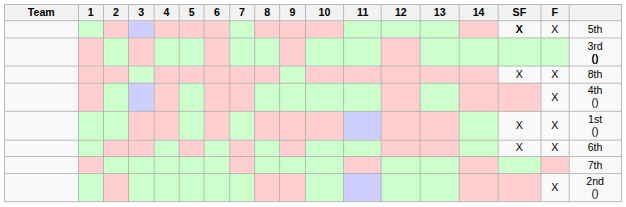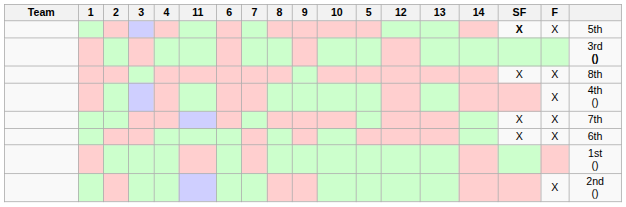 <table class= "wikitable" style="font-size:85%; text-align:center; width:50%">
 <tr>
 <th>Team</th>
 <th>1</th>
 <th>2</th>
 <th>3</th>
 <th>4</th>
-<th>5</th>
+<th>11</th>
 <th>6</th>
 <th>7</th>
 <th>8</th>
 <th>9</th>
 <th>10</th>
-<th>11</th>
+<th>5</th>
 <th>12</th>
 <th>13</th>
 <th>14</th>
 <th>SF</th>
 <th>F</th>
 <th></th>
 </tr>
 <tr>
 <td align="left"></td>
 <td style="background:#cfc;"><strong></strong></td>
 <td style="background:#FFCFCF;"></td>
 <td style="background:#CFCFFF;"><em></em></td>
 <td style="background:#FFCFCF;"></td>
-<td style="background:#FFCFCF;"></td>
+<td style="background:#cfc;"><strong></strong></td>
 <td style="background:#FFCFCF;"></td>
 <td style="background:#cfc;"><strong></strong></td>
 <td style="background:#FFCFCF;"></td>
 <td style="background:#FFCFCF;"></td>
 <td style="background:#FFCFCF;"></td>
-<td style="background:#cfc;"><strong></strong></td>
+<td style="background:#FFCFCF;"></td>
 <td style="background:#cfc;"><strong></strong></td>
 <td style="background:#cfc;"><strong></strong></td>
 <td style="background:#FFCFCF;"></td>
 <td><strong>X</strong></td>
 <td>X</td>
 <td>5th</td>
 </tr>
 <tr>
 <td align="left"></td>
 <td style="background:#FFCFCF;"></td>
 <td style="background:#cfc;"><strong></strong></td>
 <td style="background:#FFCFCF;"></td>
 <td style="background:#cfc;"><strong></strong></td>
 <td style="background:#cfc;"><strong></strong></td>
 <td style="background:#FFCFCF;"></td>
 <td style="background:#cfc;"><strong></strong></td>
 <td style="background:#cfc;"><strong></strong></td>
 <td style="background:#FFCFCF;"></td>
 <td style="background:#cfc;"><strong></strong></td>
 <td style="background:#cfc;"><strong></strong></td>
 <td style="background:#FFCFCF;"></td>
 <td style="background:#cfc;"><strong></strong></td>
 <td style="background:#cfc;"><strong></strong></td>
 <td style="background:#cfc;"><strong></strong></td>
 <td style="background:#cfc;"><strong></strong></td>
 <td>3rd<br><strong>()</strong></td>
 </tr>
 <tr>
 <td align="left"></td>
 <td style="background:#FFCFCF;"></td>
 <td style="background:#FFCFCF;"></td>
 <td style="background:#cfc;"><strong></strong></td>
 <td style="background:#FFCFCF;"></td>
 <td style="background:#FFCFCF;"></td>
 <td style="background:#FFCFCF;"></td>
 <td style="background:#FFCFCF;"></td>
 <td style="background:#FFCFCF;"></td>
 <td style="background:#cfc;"><strong></strong></td>
 <td style="background:#FFCFCF;"></td>
 <td style="background:#FFCFCF;"></td>
 <td style="background:#FFCFCF;"></td>
 <td style="background:#FFCFCF;"></td>
 <td style="background:#FFCFCF;"></td>
 <td>X</td>
 <td>X</td>
 <td>8th</td>
 </tr>
 <tr>
 <td align="left"></td>
 <td style="background:#FFCFCF;"></td>
 <td style="background:#cfc;"><strong></strong></td>
 <td style="background:#CFCFFF;"><em></em></td>
 <td style="background:#FFCFCF;"></td>
 <td style="background:#cfc;"><strong></strong></td>
 <td style="background:#FFCFCF;"></td>
 <td style="background:#FFCFCF;"></td>
 <td style="background:#cfc;"><strong></strong></td>
 <td style="background:#cfc;"><strong></strong></td>
 <td style="background:#cfc;"><strong></strong></td>
 <td style="background:#cfc;"><strong></strong></td>
 <td style="background:#FFCFCF;"></td>
 <td style="background:#cfc;"><strong></strong></td>
 <td style="background:#FFCFCF;"></td>
 <td style="background:#FFCFCF;"></td>
 <td>X</td>
 <td>4th<br>()</td>
 </tr>
 <tr>
 <td align="left"></td>
 <td style="background:#cfc;"><strong></strong></td>
 <td style="background:#cfc;"><strong></strong></td>
 <td style="background:#FFCFCF;"></td>
 <td style="background:#FFCFCF;"></td>
-<td style="background:#cfc;"><strong></strong></td>
+<td style="background:#CFCFFF;"><em></em></td>
 <td style="background:#FFCFCF;"></td>
 <td style="background:#cfc;"><strong></strong></td>
 <td style="background:#FFCFCF;"></td>
 <td style="background:#FFCFCF;"></td>
 <td style="background:#FFCFCF;"></td>
-<td style="background:#CFCFFF;"><em></em></td>
+<td style="background:#cfc;"><strong></strong></td>
 <td style="background:#FFCFCF;"></td>
 <td style="background:#FFCFCF;"></td>
 <td style="background:#cfc;"><strong></strong></td>
 <td>X</td>
 <td>X</td>
-<td>1st<br>()</td>
+<td>7th</td>
 </tr>
 <tr>
 <td align="left"></td>
 <td style="background:#cfc;"><strong></strong></td>
 <td style="background:#FFCFCF;"></td>
 <td style="background:#FFCFCF;"></td>
 <td style="background:#cfc;"><strong></strong></td>
+<td style="background:#cfc;"><strong></strong></td>
+<td style="background:#cfc;"><strong></strong></td>
 <td style="background:#FFCFCF;"></td>
 <td style="background:#cfc;"><strong></strong></td>
 <td style="background:#FFCFCF;"></td>
 <td style="background:#cfc;"><strong></strong></td>
 <td style="background:#FFCFCF;"></td>
-<td style="background:#cfc;"><strong></strong></td>
-<td style="background:#cfc;"><strong></strong></td>
 <td style="background:#FFCFCF;"></td>
 <td style="background:#FFCFCF;"></td>
 <td style="background:#cfc;"><strong></strong></td>
 <td>X</td>
 <td>X</td>
 <td>6th</td>
 </tr>
 <tr>
 <td align="left"></td>
 <td style="background:#FFCFCF;"></td>
 <td style="background:#cfc;"><strong></strong></td>
 <td style="background:#cfc;"><strong></strong></td>
 <td style="background:#cfc;"><strong></strong></td>
-<td style="background:#cfc;"><strong></strong></td>
+<td style="background:#FFCFCF;"></td>
 <td style="background:#cfc;"><strong></strong></td>
 <td style="background:#FFCFCF;"></td>
 <td style="background:#cfc;"><strong></strong></td>
 <td style="background:#cfc;"><strong></strong></td>
 <td style="background:#cfc;"><strong></strong></td>
-<td style="background:#FFCFCF;"></td>
+<td style="background:#cfc;"><strong></strong></td>
 <td style="background:#cfc;"><strong></strong></td>
 <td style="background:#cfc;"><strong></strong></td>
 <td style="background:#FFCFCF;"></td>
 <td style="background:#cfc;"><strong></strong></td>
 <td style="background:#FFCFCF;"></td>
-<td>7th</td>
+<td>1st<br>()</td>
 </tr>
 <tr>
 <td align="left"></td>
 <td style="background:#cfc;"><strong></strong></td>
 <td style="background:#FFCFCF;"></td>
 <td style="background:#cfc;"><strong></strong></td>
 <td style="background:#cfc;"><strong></strong></td>
-<td style="background:#cfc;"><strong></strong></td>
+<td style="background:#CFCFFF;"><em></em></td>
 <td style="background:#cfc;"><strong></strong></td>
 <td style="background:#cfc;"><strong></strong></td>
 <td style="background:#FFCFCF;"></td>
 <td style="background:#FFCFCF;"></td>
 <td style="background:#cfc;"><strong></strong></td>
-<td style="background:#CFCFFF;"><em></em></td>
+<td style="background:#cfc;"><strong></strong></td>
 <td style="background:#cfc;"><strong></strong></td>
 <td style="background:#cfc;"><strong></strong></td>
 <td style="background:#FFCFCF;"></td>
 <td style="background:#FFCFCF;"></td>
 <td>X</td>
 <td>2nd<br>()</td>
 </tr>
 </table>
